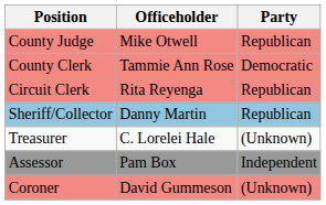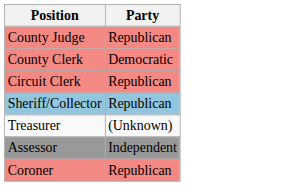 <table class="wikitable">
 <tr>
 <th>Position</th>
-<th>Officeholder</th>
 <th>Party</th>
 </tr>
 <tr style="background-color:#F48882;">
 <td>County Judge</td>
-<td>Mike Otwell</td>
 <td>Republican</td>
 </tr>
 <tr style="background-color:#F48882;">
 <td>County Clerk</td>
-<td>Tammie Ann Rose</td>
 <td>Democratic</td>
 </tr>
 <tr style="background-color:#F48882;">
 <td>Circuit Clerk</td>
-<td>Rita Reyenga</td>
 <td>Republican</td>
 </tr>
 <tr style="background-color:#92C5DE;">
 <td>Sheriff/Collector</td>
-<td>Danny Martin</td>
 <td>Republican</td>
 </tr>
 <tr>
 <td>Treasurer</td>
-<td>C. Lorelei Hale</td>
 <td>(Unknown)</td>
 </tr>
 <tr style="background-color:#999999;">
 <td>Assessor</td>
-<td>Pam Box</td>
 <td>Independent</td>
 </tr>
 <tr style="background-color:#F48882;">
 <td>Coroner</td>
-<td>David Gummeson</td>
-<td>(Unknown)</td>
+<td>Republican</td>
 </tr>
 </table>
